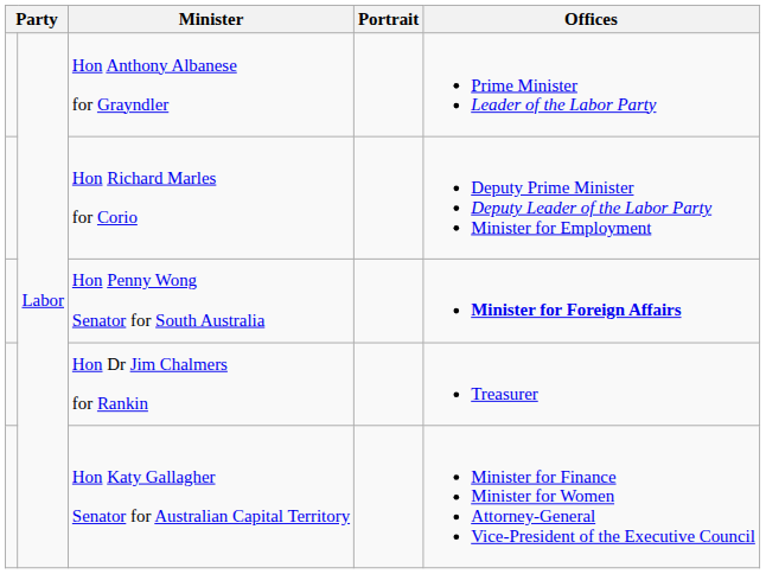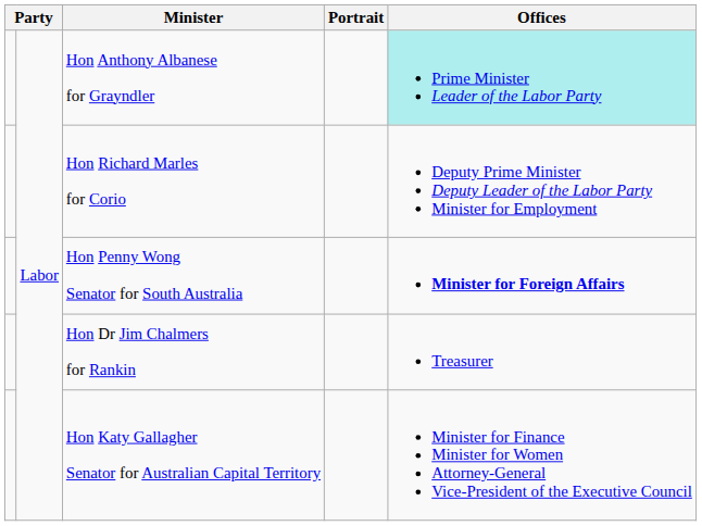 <table class="wikitable sortable">
 <tr>
 <th colspan="2">Party</th>
 <th>Minister</th>
 <th>Portrait</th>
 <th>Offices</th>
 </tr>
 <tr>
 <td> </td>
 <td rowspan=5><a href='#'>Labor</a></td>
 <td><a href='#'>Hon</a> <a href='#'>Anthony Albanese</a> <br><br> for <a href='#'>Grayndler</a> <br></td>
 <td></td>
-<td><br><ul><li><a href='#'>Prime Minister</a></li><li><em><a href='#'>Leader of the Labor Party</a></em></li></ul></td>
+<td style="background: paleturquoise;"><br><ul><li><a href='#'>Prime Minister</a></li><li><em><a href='#'>Leader of the Labor Party</a></em></li></ul></td>
 </tr>
 <tr>
 <td> </td>
 <td><a href='#'>Hon</a> <a href='#'>Richard Marles</a> <br><br> for <a href='#'>Corio</a> <br></td>
 <td></td>
 <td><br><ul><li><a href='#'>Deputy Prime Minister</a></li><li><em><a href='#'>Deputy Leader of the Labor Party</a></em></li><li><a href='#'>Minister for Employment</a></li></ul></td>
 </tr>
 <tr>
 <td> </td>
 <td><a href='#'>Hon</a> <a href='#'>Penny Wong</a> <br><br><a href='#'>Senator</a> for <a href='#'>South Australia</a> <br></td>
 <td></td>
 <td><strong><br><ul><li><a href='#'>Minister for Foreign Affairs</a></li></ul></strong></td>
 </tr>
 <tr>
 <td> </td>
 <td><a href='#'>Hon</a> Dr <a href='#'>Jim Chalmers</a> <br><br> for <a href='#'>Rankin</a> <br></td>
 <td></td>
 <td><br><ul><li><a href='#'>Treasurer</a></li></ul></td>
 </tr>
 <tr>
 <td> </td>
 <td><a href='#'>Hon</a> <a href='#'>Katy Gallagher</a> <br><br><a href='#'>Senator</a> for <a href='#'>Australian Capital Territory</a> <br></td>
 <td></td>
 <td><br><ul><li><a href='#'>Minister for Finance</a></li><li><a href='#'>Minister for Women</a></li><li><a href='#'>Attorney-General</a></li><li><a href='#'>Vice-President of the Executive Council</a></li></ul></td>
 </tr>
 </table>
